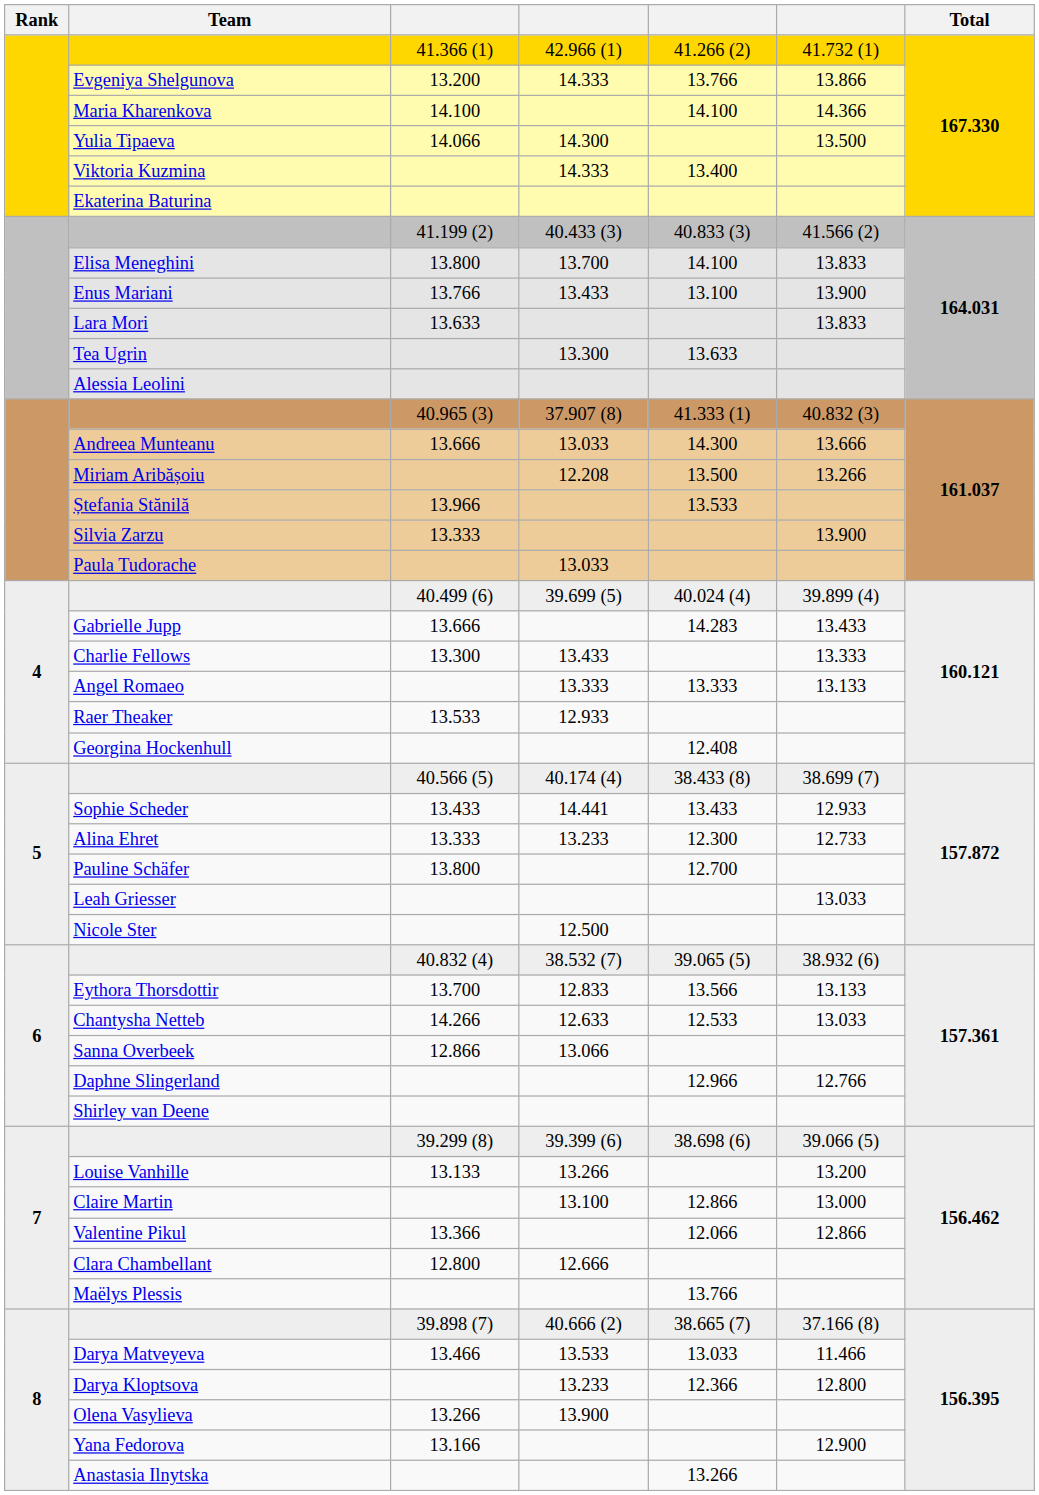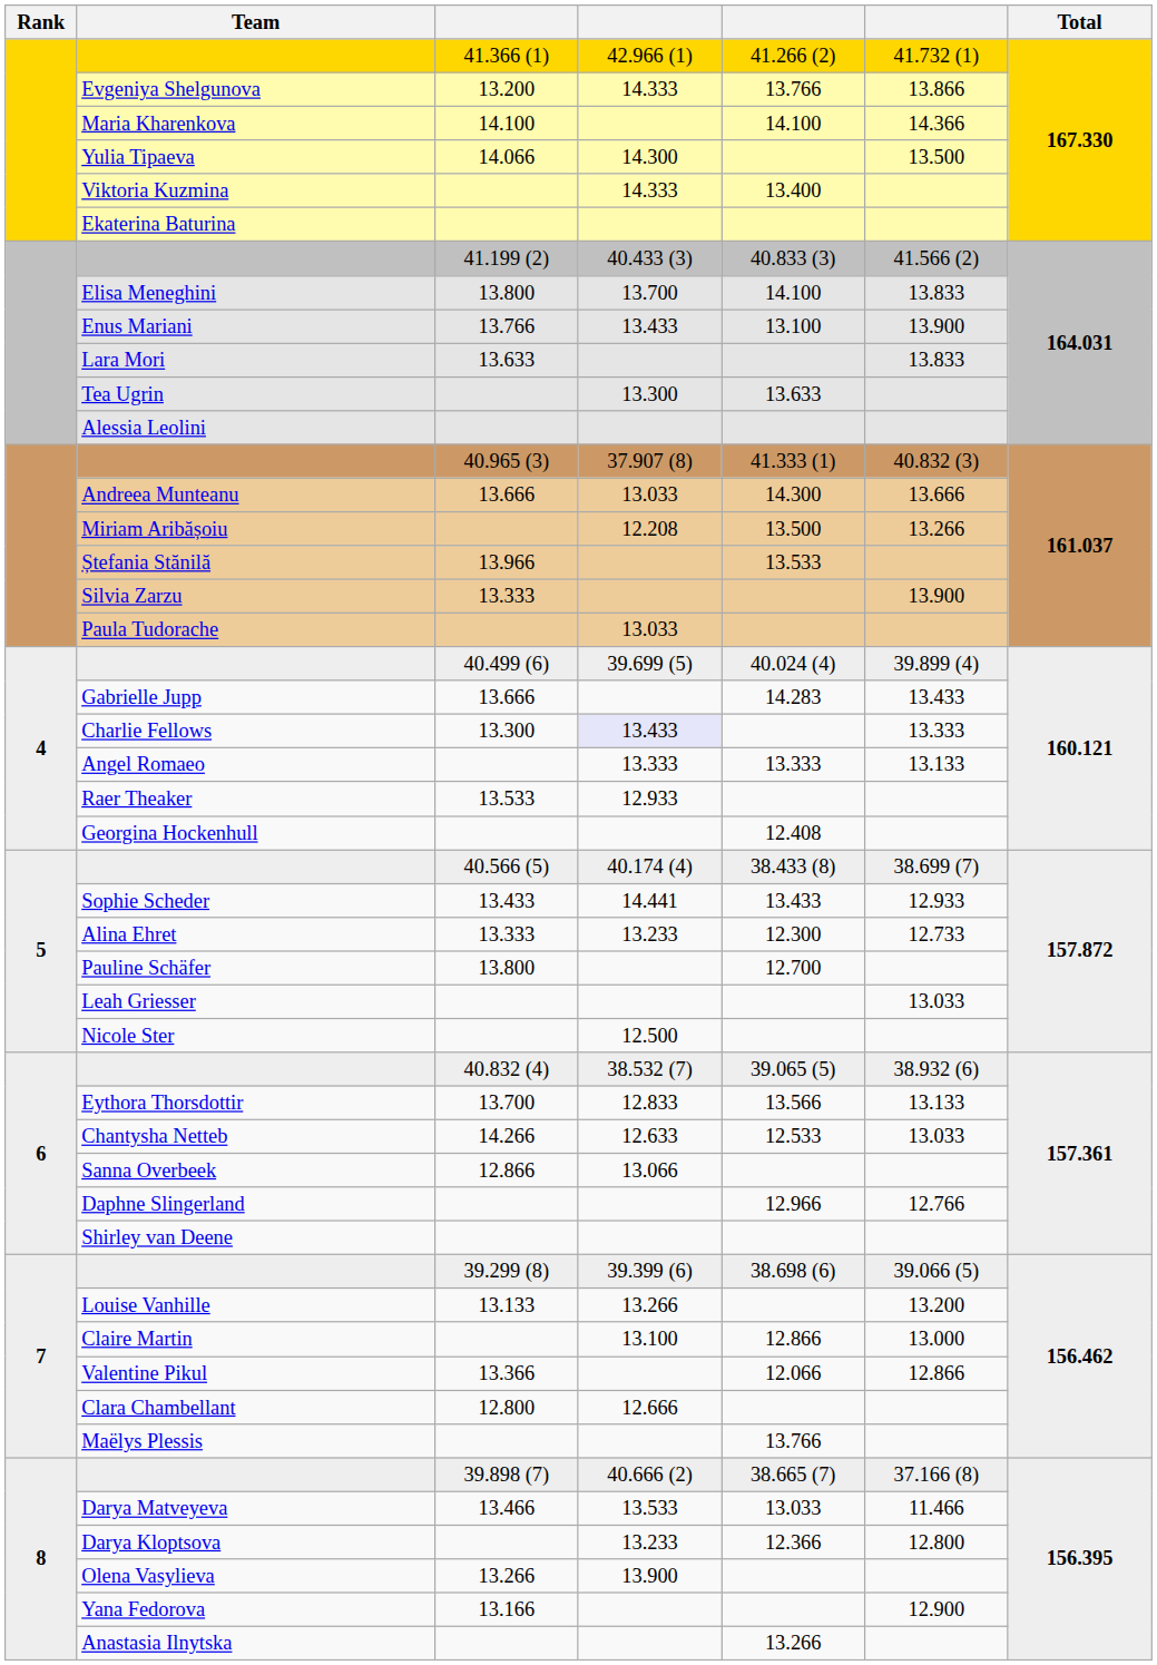 <table class="wikitable" style="text-align:center; font-size:95%">
 <tr>
 <th width="5%">Rank</th>
 <th width="25%">Team</th>
 <th width="10%"></th>
 <th width="10%"></th>
 <th width="10%"></th>
 <th width="10%"></th>
 <th width="10%">Total</th>
 </tr>
 <tr bgcolor=gold>
 <td rowspan=6></td>
 <td align="left"><strong></strong></td>
 <td>41.366 (1)</td>
 <td>42.966 (1)</td>
 <td>41.266 (2)</td>
 <td>41.732 (1)</td>
 <td rowspan=6><strong>167.330</strong></td>
 </tr>
 <tr bgcolor=fffcaf>
 <td align="left"><a href='#'>Evgeniya Shelgunova</a></td>
 <td>13.200</td>
 <td>14.333</td>
 <td>13.766</td>
 <td>13.866</td>
 </tr>
 <tr bgcolor=fffcaf>
 <td align="left"><a href='#'>Maria Kharenkova</a></td>
 <td>14.100</td>
 <td></td>
 <td>14.100</td>
 <td>14.366</td>
 </tr>
 <tr bgcolor=fffcaf>
 <td align="left"><a href='#'>Yulia Tipaeva</a></td>
 <td>14.066</td>
 <td>14.300</td>
 <td></td>
 <td>13.500</td>
 </tr>
 <tr bgcolor=fffcaf>
 <td align="left"><a href='#'>Viktoria Kuzmina</a></td>
 <td></td>
 <td>14.333</td>
 <td>13.400</td>
 <td></td>
 </tr>
 <tr bgcolor=fffcaf>
 <td align="left"><a href='#'>Ekaterina Baturina</a></td>
 <td></td>
 <td></td>
 <td></td>
 <td></td>
 </tr>
 <tr bgcolor=silver>
 <td rowspan=6></td>
 <td align="left"><strong></strong></td>
 <td>41.199 (2)</td>
 <td>40.433 (3)</td>
 <td>40.833 (3)</td>
 <td>41.566 (2)</td>
 <td rowspan=6><strong>164.031</strong></td>
 </tr>
 <tr bgcolor=e5e5e5>
 <td align="left"><a href='#'>Elisa Meneghini</a></td>
 <td>13.800</td>
 <td>13.700</td>
 <td>14.100</td>
 <td>13.833</td>
 </tr>
 <tr bgcolor=e5e5e5>
 <td align="left"><a href='#'>Enus Mariani</a></td>
 <td>13.766</td>
 <td>13.433</td>
 <td>13.100</td>
 <td>13.900</td>
 </tr>
 <tr bgcolor=e5e5e5>
 <td align="left"><a href='#'>Lara Mori</a></td>
 <td>13.633</td>
 <td></td>
 <td></td>
 <td>13.833</td>
 </tr>
 <tr bgcolor=e5e5e5>
 <td align="left"><a href='#'>Tea Ugrin</a></td>
 <td></td>
 <td>13.300</td>
 <td>13.633</td>
 <td></td>
 </tr>
 <tr bgcolor=e5e5e5>
 <td align="left"><a href='#'>Alessia Leolini</a></td>
 <td></td>
 <td></td>
 <td></td>
 <td></td>
 </tr>
 <tr bgcolor=cc9966>
 <td rowspan=6></td>
 <td align="left"><strong></strong></td>
 <td>40.965 (3)</td>
 <td>37.907 (8)</td>
 <td>41.333 (1)</td>
 <td>40.832 (3)</td>
 <td rowspan=6><strong>161.037</strong></td>
 </tr>
 <tr bgcolor=eecc99>
 <td align="left"><a href='#'>Andreea Munteanu</a></td>
 <td>13.666</td>
 <td>13.033</td>
 <td>14.300</td>
 <td>13.666</td>
 </tr>
 <tr bgcolor=eecc99>
 <td align="left"><a href='#'>Miriam Aribășoiu</a></td>
 <td></td>
 <td>12.208</td>
 <td>13.500</td>
 <td>13.266</td>
 </tr>
 <tr bgcolor=eecc99>
 <td align="left"><a href='#'>Ștefania Stănilă</a></td>
 <td>13.966</td>
 <td></td>
 <td>13.533</td>
 <td></td>
 </tr>
 <tr bgcolor=eecc99>
 <td align="left"><a href='#'>Silvia Zarzu</a></td>
 <td>13.333</td>
 <td></td>
 <td></td>
 <td>13.900</td>
 </tr>
 <tr bgcolor=eecc99>
 <td align="left"><a href='#'>Paula Tudorache</a></td>
 <td></td>
 <td>13.033</td>
 <td></td>
 <td></td>
 </tr>
 <tr bgcolor=eeeeee>
 <td rowspan=6><strong>4</strong></td>
 <td align="left"><strong></strong></td>
 <td>40.499 (6)</td>
 <td>39.699 (5)</td>
 <td>40.024 (4)</td>
 <td>39.899 (4)</td>
 <td rowspan=6><strong>160.121</strong></td>
 </tr>
 <tr>
 <td align="left"><a href='#'>Gabrielle Jupp</a></td>
 <td>13.666</td>
 <td></td>
 <td>14.283</td>
 <td>13.433</td>
 </tr>
 <tr>
 <td align="left"><a href='#'>Charlie Fellows</a></td>
 <td>13.300</td>
-<td>13.433</td>
+<td style="background: lavender;">13.433</td>
 <td></td>
 <td>13.333</td>
 </tr>
 <tr>
 <td align="left"><a href='#'>Angel Romaeo</a></td>
 <td></td>
 <td>13.333</td>
 <td>13.333</td>
 <td>13.133</td>
 </tr>
 <tr>
 <td align="left"><a href='#'>Raer Theaker</a></td>
 <td>13.533</td>
 <td>12.933</td>
 <td></td>
 <td></td>
 </tr>
 <tr>
 <td align="left"><a href='#'>Georgina Hockenhull</a></td>
 <td></td>
 <td></td>
 <td>12.408</td>
 <td></td>
 </tr>
 <tr bgcolor=eeeeee>
 <td rowspan=6><strong>5</strong></td>
 <td align="left"><strong></strong></td>
 <td>40.566 (5)</td>
 <td>40.174 (4)</td>
 <td>38.433 (8)</td>
 <td>38.699 (7)</td>
 <td rowspan=6><strong>157.872</strong></td>
 </tr>
 <tr>
 <td align="left"><a href='#'>Sophie Scheder</a></td>
 <td>13.433</td>
 <td>14.441</td>
 <td>13.433</td>
 <td>12.933</td>
 </tr>
 <tr>
 <td align="left"><a href='#'>Alina Ehret</a></td>
 <td>13.333</td>
 <td>13.233</td>
 <td>12.300</td>
 <td>12.733</td>
 </tr>
 <tr>
 <td align="left"><a href='#'>Pauline Schäfer</a></td>
 <td>13.800</td>
 <td></td>
 <td>12.700</td>
 <td></td>
 </tr>
 <tr>
 <td align="left"><a href='#'>Leah Griesser</a></td>
 <td></td>
 <td></td>
 <td></td>
 <td>13.033</td>
 </tr>
 <tr>
 <td align="left"><a href='#'>Nicole Ster</a></td>
 <td></td>
 <td>12.500</td>
 <td></td>
 <td></td>
 </tr>
 <tr bgcolor=eeeeee>
 <td rowspan=6><strong>6</strong></td>
 <td align="left"><strong></strong></td>
 <td>40.832 (4)</td>
 <td>38.532 (7)</td>
 <td>39.065 (5)</td>
 <td>38.932 (6)</td>
 <td rowspan=6><strong>157.361</strong></td>
 </tr>
 <tr>
 <td align="left"><a href='#'>Eythora Thorsdottir</a></td>
 <td>13.700</td>
 <td>12.833</td>
 <td>13.566</td>
 <td>13.133</td>
 </tr>
 <tr>
 <td align="left"><a href='#'>Chantysha Netteb</a></td>
 <td>14.266</td>
 <td>12.633</td>
 <td>12.533</td>
 <td>13.033</td>
 </tr>
 <tr>
 <td align="left"><a href='#'>Sanna Overbeek</a></td>
 <td>12.866</td>
 <td>13.066</td>
 <td></td>
 <td></td>
 </tr>
 <tr>
 <td align="left"><a href='#'>Daphne Slingerland</a></td>
 <td></td>
 <td></td>
 <td>12.966</td>
 <td>12.766</td>
 </tr>
 <tr>
 <td align="left"><a href='#'>Shirley van Deene</a></td>
 <td></td>
 <td></td>
 <td></td>
 <td></td>
 </tr>
 <tr bgcolor=eeeeee>
 <td rowspan=6><strong>7</strong></td>
 <td align="left"><strong></strong></td>
 <td>39.299 (8)</td>
 <td>39.399 (6)</td>
 <td>38.698 (6)</td>
 <td>39.066 (5)</td>
 <td rowspan=6><strong>156.462</strong></td>
 </tr>
 <tr>
 <td align="left"><a href='#'>Louise Vanhille</a></td>
 <td>13.133</td>
 <td>13.266</td>
 <td></td>
 <td>13.200</td>
 </tr>
 <tr>
 <td align="left"><a href='#'>Claire Martin</a></td>
 <td></td>
 <td>13.100</td>
 <td>12.866</td>
 <td>13.000</td>
 </tr>
 <tr>
 <td align="left"><a href='#'>Valentine Pikul</a></td>
 <td>13.366</td>
 <td></td>
 <td>12.066</td>
 <td>12.866</td>
 </tr>
 <tr>
 <td align="left"><a href='#'>Clara Chambellant</a></td>
 <td>12.800</td>
 <td>12.666</td>
 <td></td>
 <td></td>
 </tr>
 <tr>
 <td align="left"><a href='#'>Maëlys Plessis</a></td>
 <td></td>
 <td></td>
 <td>13.766</td>
 <td></td>
 </tr>
 <tr bgcolor=eeeeee>
 <td rowspan=6><strong>8</strong></td>
 <td align="left"><strong></strong></td>
 <td>39.898 (7)</td>
 <td>40.666 (2)</td>
 <td>38.665 (7)</td>
 <td>37.166 (8)</td>
 <td rowspan=6><strong>156.395</strong></td>
 </tr>
 <tr>
 <td align="left"><a href='#'>Darya Matveyeva</a></td>
 <td>13.466</td>
 <td>13.533</td>
 <td>13.033</td>
 <td>11.466</td>
 </tr>
 <tr>
 <td align="left"><a href='#'>Darya Kloptsova</a></td>
 <td></td>
 <td>13.233</td>
 <td>12.366</td>
 <td>12.800</td>
 </tr>
 <tr>
 <td align="left"><a href='#'>Olena Vasylieva</a></td>
 <td>13.266</td>
 <td>13.900</td>
 <td></td>
 <td></td>
 </tr>
 <tr>
 <td align="left"><a href='#'>Yana Fedorova</a></td>
 <td>13.166</td>
 <td></td>
 <td></td>
 <td>12.900</td>
 </tr>
 <tr>
 <td align="left"><a href='#'>Anastasia Ilnytska</a></td>
 <td></td>
 <td></td>
 <td>13.266</td>
 <td></td>
 </tr>
 </table>
